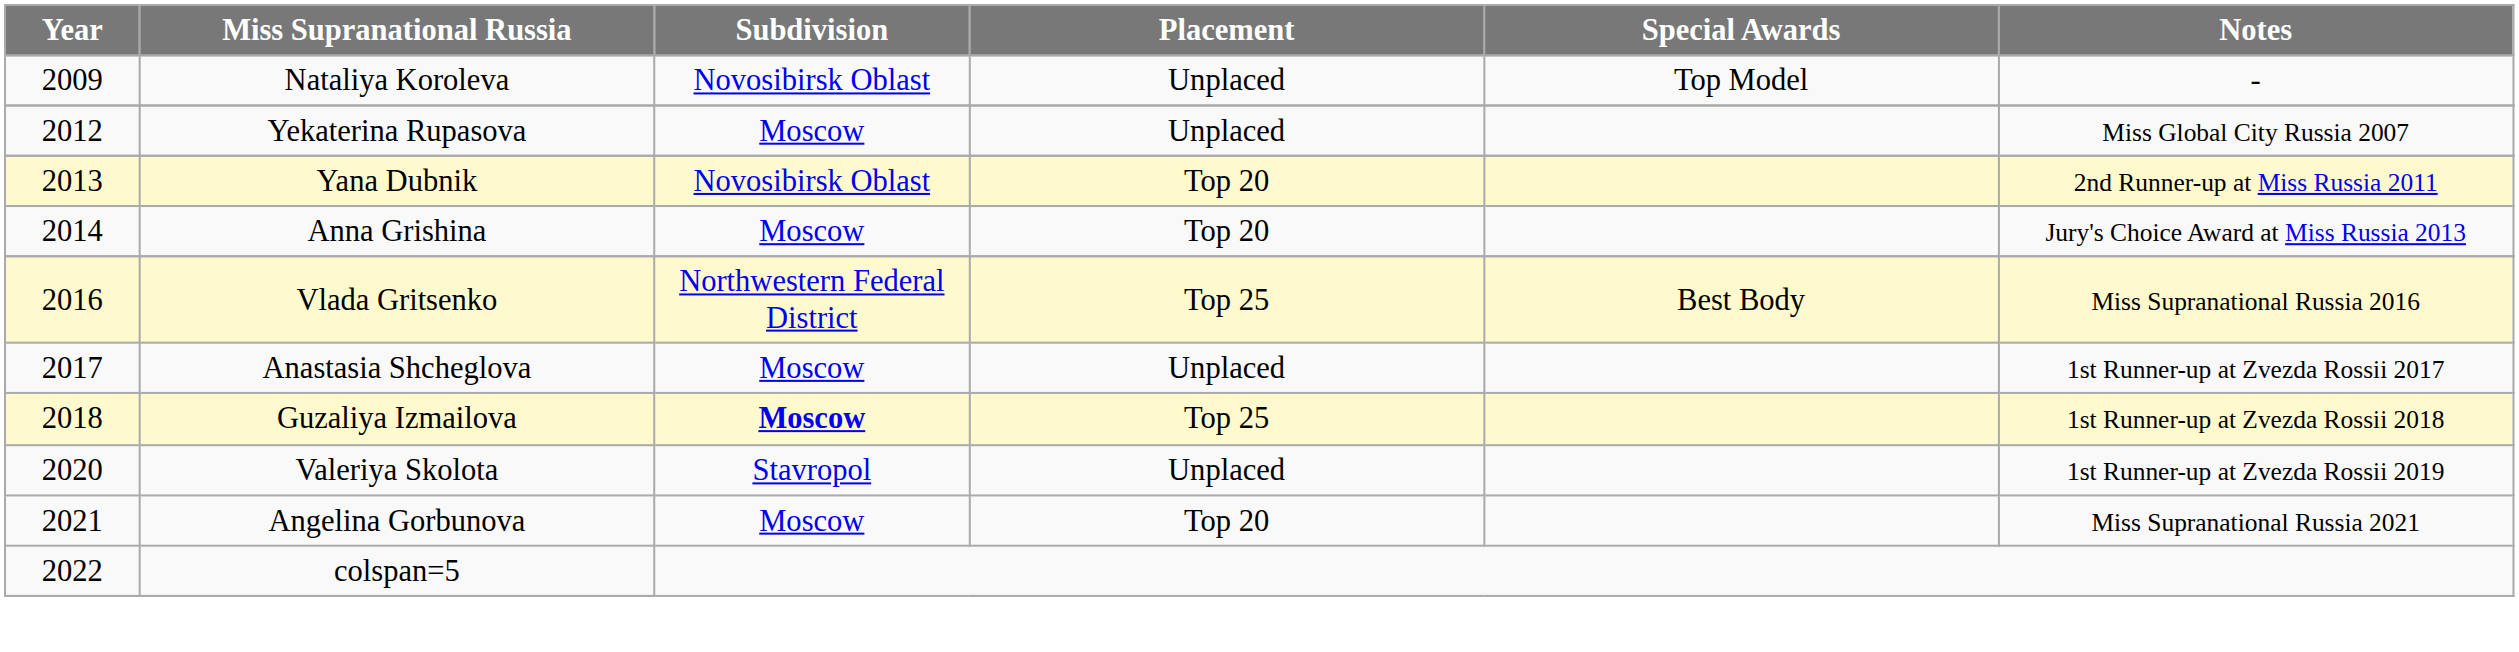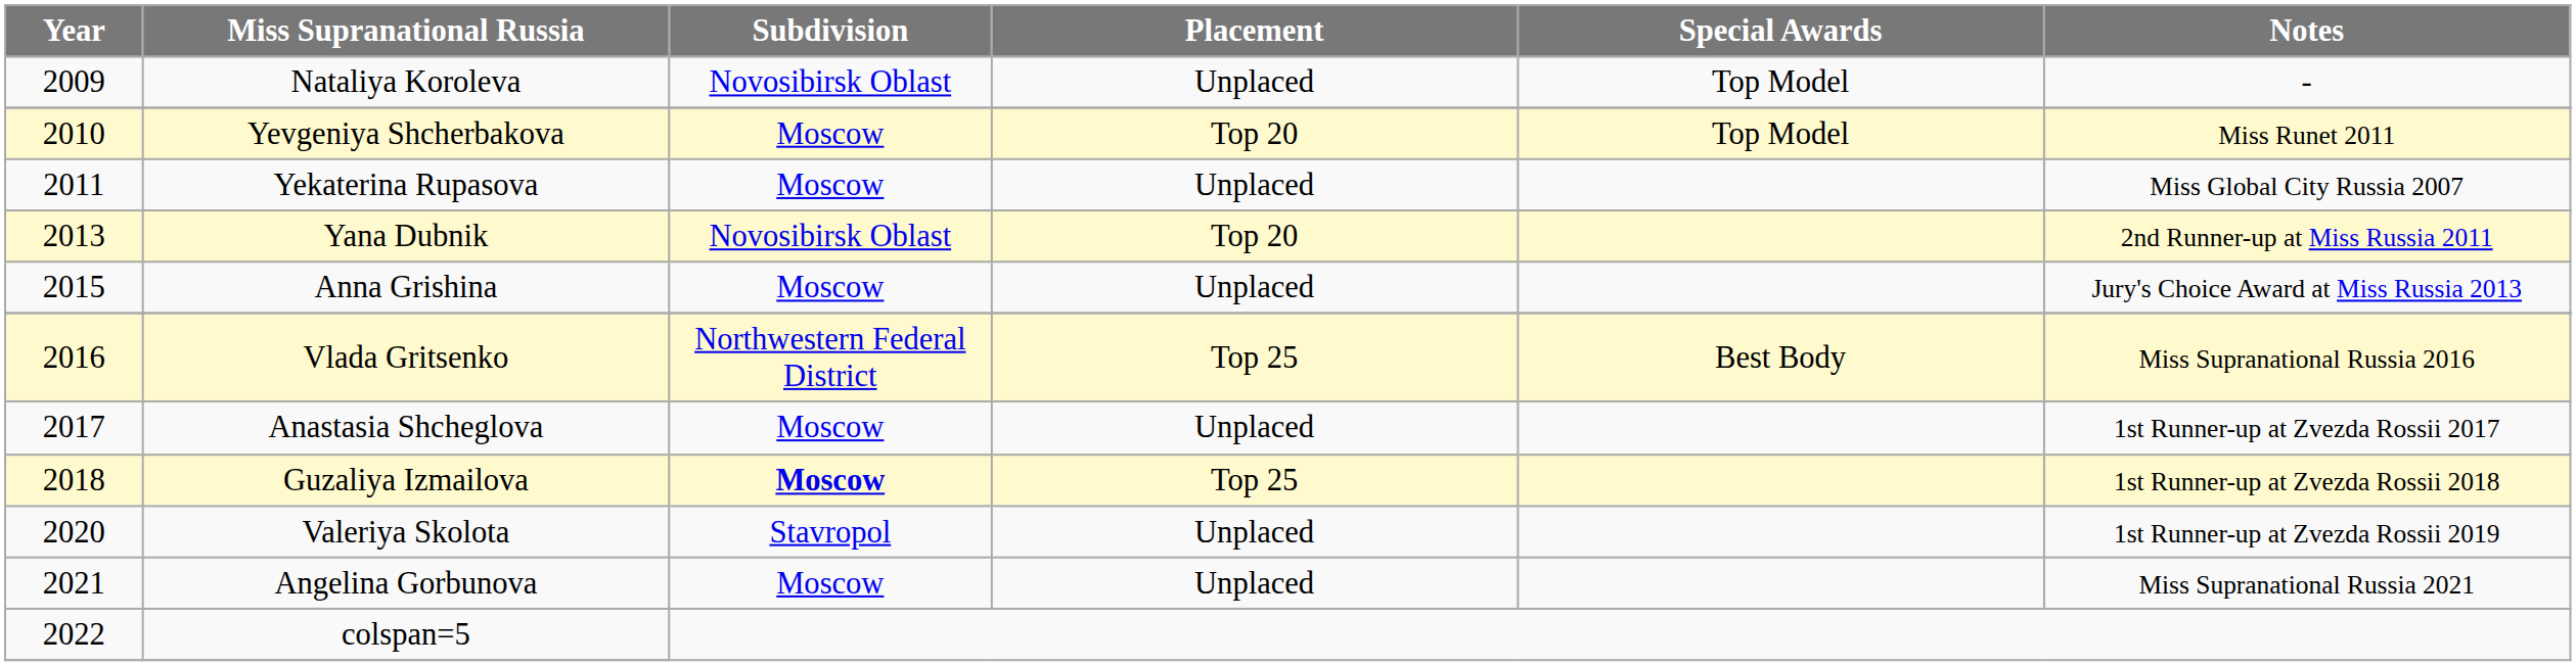 <table class="wikitable sortable" style="font-size: 95%; text-align:center">
 <tr>
 <th width="60" style="background-color:#787878;color:#FFFFFF;">Year</th>
 <th width="250" style="background-color:#787878;color:#FFFFFF;">Miss Supranational Russia</th>
 <th width="150" style="background-color:#787878;color:#FFFFFF;">Subdivision</th>
 <th width="250" style="background-color:#787878;color:#FFFFFF;">Placement</th>
 <th width="250" style="background-color:#787878;color:#FFFFFF;">Special Awards</th>
 <th width="250" style="background-color:#787878;color:#FFFFFF;">Notes</th>
 </tr>
 <tr>
 <td>2009</td>
 <td>Nataliya Koroleva</td>
 <td><a href='#'>Novosibirsk Oblast</a></td>
 <td>Unplaced</td>
 <td>Top Model</td>
 <td>-</td>
 </tr>
 <tr>
 </tr>
+<tr style="background-color:#FFFACD; ">
+<td>2010</td>
+<td>Yevgeniya Shcherbakova</td>
+<td><a href='#'>Moscow</a></td>
+<td>Top 20</td>
+<td>Top Model</td>
+<td><small>Miss Runet 2011</small></td>
+</tr>
 <tr>
-<td>2012</td>
+<td>2011</td>
 <td>Yekaterina Rupasova</td>
 <td><a href='#'>Moscow</a></td>
 <td>Unplaced</td>
 <td></td>
 <td><small>Miss Global City Russia 2007</small></td>
 </tr>
 <tr>
 </tr>
 <tr style="background-color:#FFFACD; ">
 <td>2013</td>
 <td>Yana Dubnik</td>
 <td><a href='#'>Novosibirsk Oblast</a></td>
 <td>Top 20</td>
 <td></td>
 <td><small>2nd Runner-up at <a href='#'>Miss Russia 2011</a></small></td>
 </tr>
 <tr>
-<td>2014</td>
+<td>2015</td>
 <td>Anna Grishina</td>
 <td><a href='#'>Moscow</a></td>
-<td>Top 20</td>
+<td>Unplaced</td>
 <td></td>
 <td><small>Jury's Choice Award at <a href='#'>Miss Russia 2013</a></small></td>
 </tr>
 <tr>
 </tr>
 <tr style="background-color:#FFFACD; ">
 <td>2016</td>
 <td>Vlada Gritsenko</td>
 <td><a href='#'>Northwestern Federal District</a></td>
 <td>Top 25</td>
 <td>Best Body</td>
 <td><small>Miss Supranational Russia 2016</small></td>
 </tr>
 <tr>
 <td>2017</td>
 <td>Anastasia Shcheglova</td>
 <td><a href='#'>Moscow</a></td>
 <td>Unplaced</td>
 <td></td>
 <td><small>1st Runner-up at Zvezda Rossii 2017</small></td>
 </tr>
 <tr style="background-color:#FFFACD; ">
 <td>2018</td>
 <td>Guzaliya Izmailova</td>
 <td><strong><a href='#'>Moscow</a></strong></td>
 <td>Top 25</td>
 <td></td>
 <td><small>1st Runner-up at Zvezda Rossii 2018</small></td>
 </tr>
 <tr>
 <td>2020</td>
 <td>Valeriya Skolota</td>
 <td><a href='#'>Stavropol</a></td>
 <td>Unplaced</td>
 <td></td>
 <td><small>1st Runner-up at Zvezda Rossii 2019</small></td>
 </tr>
 <tr>
 <td>2021</td>
 <td>Angelina Gorbunova</td>
 <td><a href='#'>Moscow</a></td>
-<td>Top 20</td>
+<td>Unplaced</td>
 <td></td>
 <td><small>Miss Supranational Russia 2021</small></td>
 </tr>
 <tr>
 <td>2022</td>
 <td>colspan=5 </td>
 </tr>
 <tr>
 </tr>
 </table>
